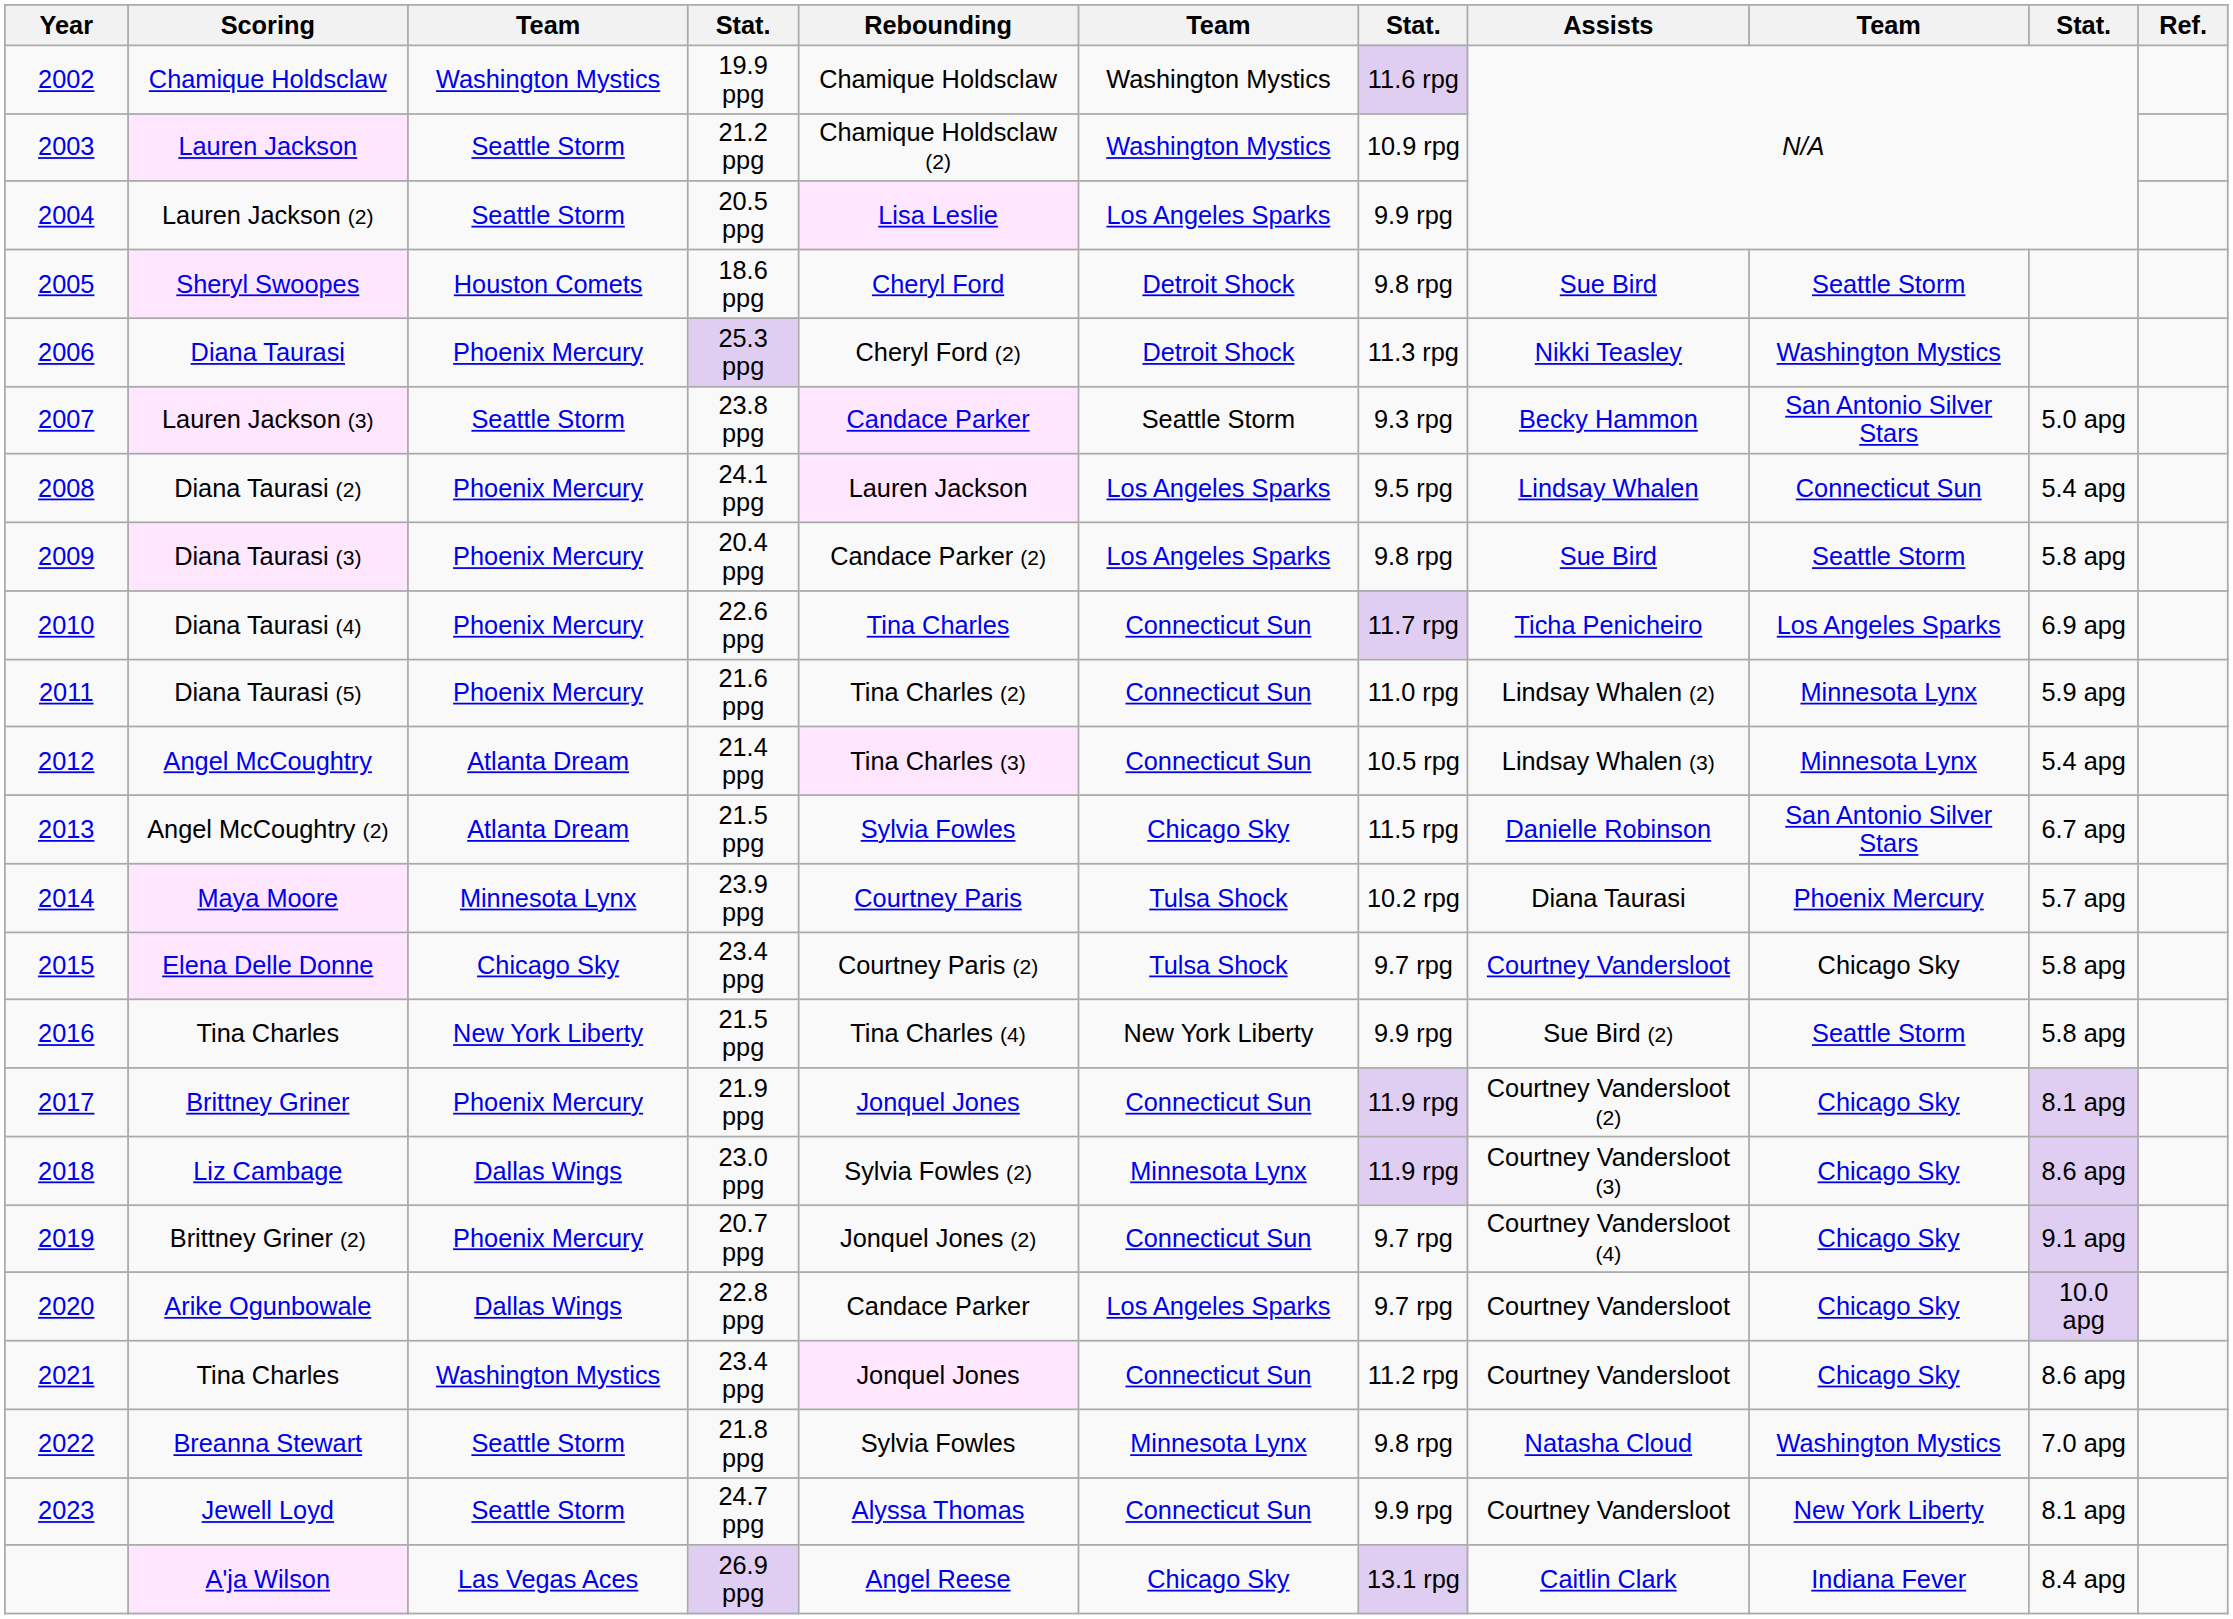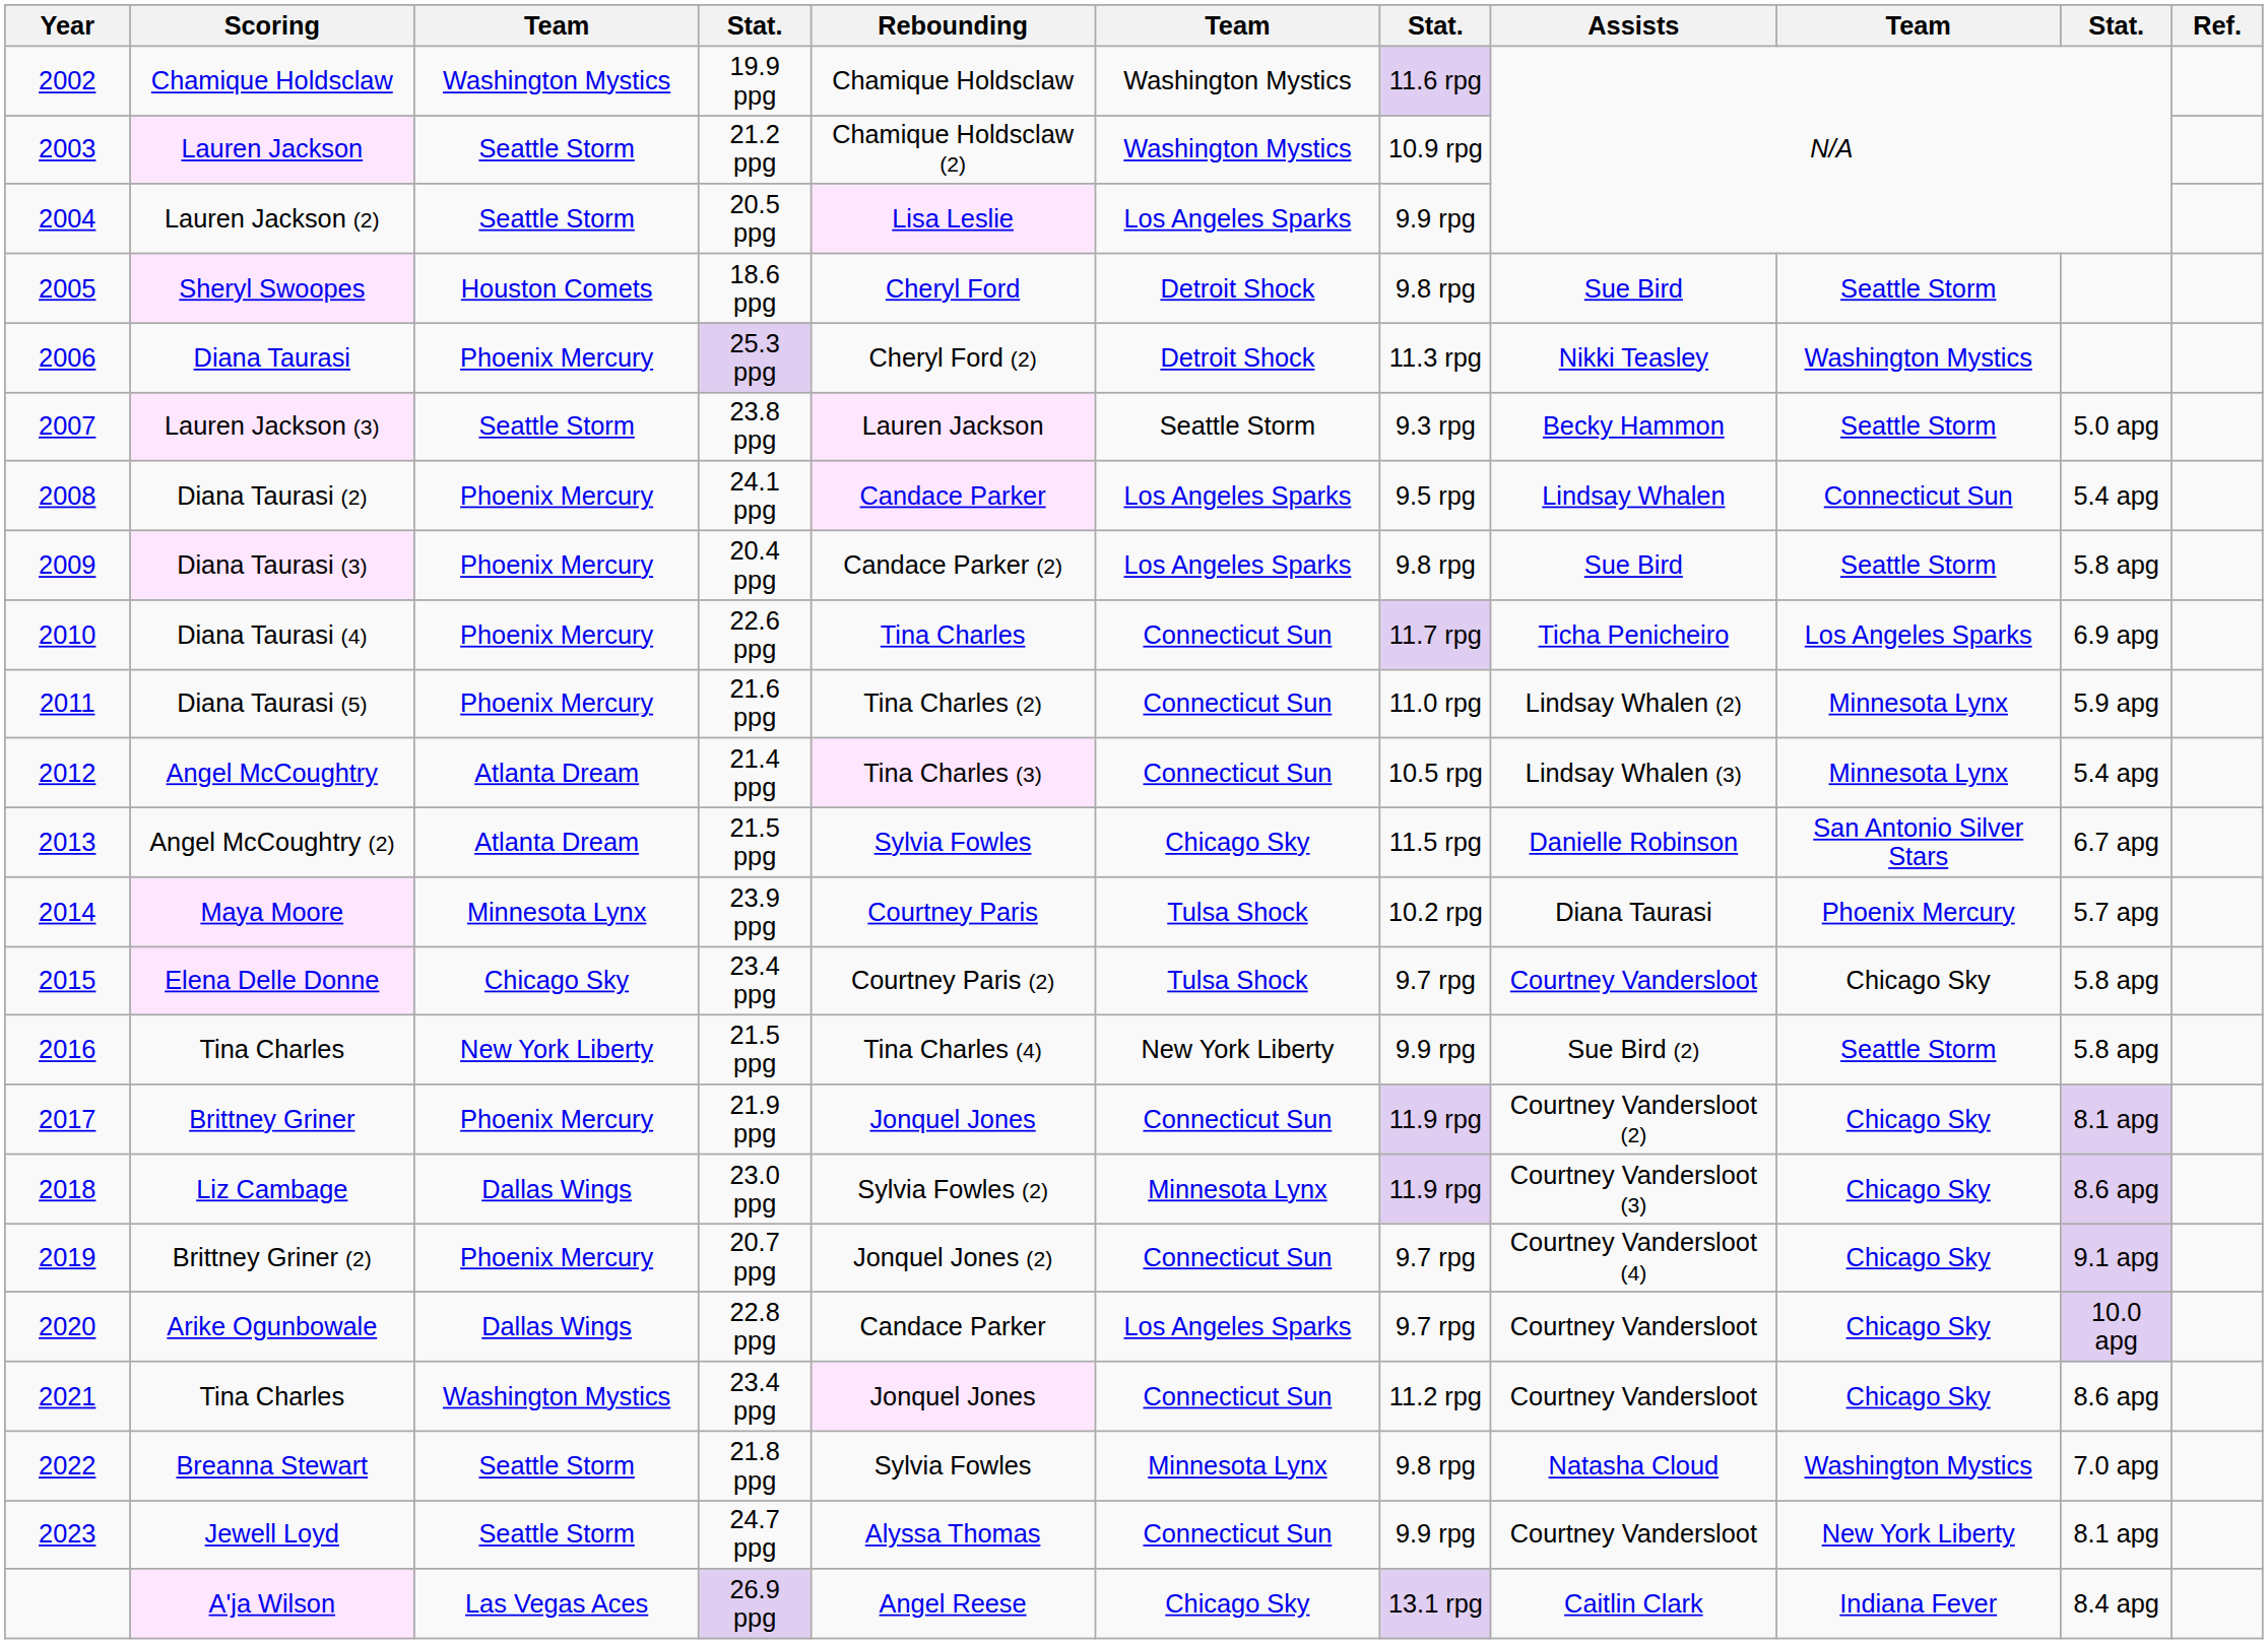 <table class="wikitable sortable" style="width: 100%; text-align:center; font-size:90%">
 <tr>
 <th width=40>Year</th>
 <th width=100>Scoring</th>
 <th width=100>Team</th>
 <th width=35>Stat.</th>
 <th width=100>Rebounding</th>
 <th width=100>Team</th>
 <th width=35>Stat.</th>
 <th width=100>Assists</th>
 <th width=100>Team</th>
 <th width=35>Stat.</th>
 <th width=20 class=unsortable>Ref.</th>
 </tr>
 <tr>
 <td><a href='#'>2002</a></td>
 <td><a href='#'>Chamique Holdsclaw</a></td>
 <td><a href='#'>Washington Mystics</a></td>
 <td>19.9 ppg</td>
 <td>Chamique Holdsclaw</td>
 <td>Washington Mystics</td>
 <td bgcolor="EOCEF2">11.6 rpg </td>
 <td colspan=3 rowspan=3><em>N/A</em></td>
 <td></td>
 </tr>
 <tr>
 <td><a href='#'>2003</a></td>
 <td style="background-color:#FFE6FF"><a href='#'>Lauren Jackson</a></td>
 <td><a href='#'>Seattle Storm</a></td>
 <td>21.2 ppg</td>
 <td>Chamique Holdsclaw <small>(2)</small></td>
 <td><a href='#'>Washington Mystics</a></td>
 <td>10.9 rpg</td>
 <td></td>
 </tr>
 <tr>
 <td><a href='#'>2004</a></td>
 <td>Lauren Jackson <small>(2)</small></td>
 <td><a href='#'>Seattle Storm</a></td>
 <td>20.5 ppg</td>
 <td style="background-color:#FFE6FF"><a href='#'>Lisa Leslie</a></td>
 <td><a href='#'>Los Angeles Sparks</a></td>
 <td>9.9 rpg</td>
 <td></td>
 </tr>
 <tr>
 <td><a href='#'>2005</a></td>
 <td style="background-color:#FFE6FF"><a href='#'>Sheryl Swoopes</a></td>
 <td><a href='#'>Houston Comets</a></td>
 <td>18.6 ppg</td>
 <td><a href='#'>Cheryl Ford</a></td>
 <td><a href='#'>Detroit Shock</a></td>
 <td>9.8 rpg</td>
 <td><a href='#'>Sue Bird</a></td>
 <td><a href='#'>Seattle Storm</a></td>
 <td></td>
 <td></td>
 </tr>
 <tr>
 <td><a href='#'>2006</a></td>
 <td><a href='#'>Diana Taurasi</a></td>
 <td><a href='#'>Phoenix Mercury</a></td>
 <td bgcolor="EOCEF2">25.3 ppg </td>
 <td>Cheryl Ford <small>(2)</small></td>
 <td><a href='#'>Detroit Shock</a></td>
 <td>11.3 rpg</td>
 <td><a href='#'>Nikki Teasley</a></td>
 <td><a href='#'>Washington Mystics</a></td>
 <td></td>
 <td></td>
 </tr>
 <tr>
 <td><a href='#'>2007</a></td>
 <td style="background-color:#FFE6FF">Lauren Jackson <small>(3)</small></td>
 <td><a href='#'>Seattle Storm</a></td>
 <td>23.8 ppg</td>
-<td style="background-color:#FFE6FF"><a href='#'>Candace Parker</a></td>
+<td style="background-color:#FFE6FF">Lauren Jackson</td>
 <td>Seattle Storm</td>
 <td>9.3 rpg</td>
 <td><a href='#'>Becky Hammon</a></td>
-<td><a href='#'>San Antonio Silver Stars</a></td>
+<td><a href='#'>Seattle Storm</a></td>
 <td>5.0 apg</td>
 <td></td>
 </tr>
 <tr>
 <td><a href='#'>2008</a></td>
 <td>Diana Taurasi <small>(2)</small></td>
 <td><a href='#'>Phoenix Mercury</a></td>
 <td>24.1 ppg</td>
-<td style="background-color:#FFE6FF">Lauren Jackson</td>
+<td style="background-color:#FFE6FF"><a href='#'>Candace Parker</a></td>
 <td><a href='#'>Los Angeles Sparks</a></td>
 <td>9.5 rpg</td>
 <td><a href='#'>Lindsay Whalen</a></td>
 <td><a href='#'>Connecticut Sun</a></td>
 <td>5.4 apg</td>
 <td></td>
 </tr>
 <tr>
 <td><a href='#'>2009</a></td>
 <td style="background-color:#FFE6FF">Diana Taurasi <small>(3)</small></td>
 <td><a href='#'>Phoenix Mercury</a></td>
 <td>20.4 ppg</td>
 <td>Candace Parker <small>(2)</small></td>
 <td><a href='#'>Los Angeles Sparks</a></td>
 <td>9.8 rpg</td>
 <td><a href='#'>Sue Bird</a></td>
 <td><a href='#'>Seattle Storm</a></td>
 <td>5.8 apg</td>
 <td></td>
 </tr>
 <tr>
 <td><a href='#'>2010</a></td>
 <td>Diana Taurasi <small>(4)</small></td>
 <td><a href='#'>Phoenix Mercury</a></td>
 <td>22.6 ppg</td>
 <td><a href='#'>Tina Charles</a></td>
 <td><a href='#'>Connecticut Sun</a></td>
 <td bgcolor="EOCEF2">11.7 rpg </td>
 <td><a href='#'>Ticha Penicheiro</a></td>
 <td><a href='#'>Los Angeles Sparks</a></td>
 <td>6.9 apg</td>
 <td></td>
 </tr>
 <tr>
 <td><a href='#'>2011</a></td>
 <td>Diana Taurasi <small>(5)</small></td>
 <td><a href='#'>Phoenix Mercury</a></td>
 <td>21.6 ppg</td>
 <td>Tina Charles <small>(2)</small></td>
 <td><a href='#'>Connecticut Sun</a></td>
 <td>11.0 rpg</td>
 <td>Lindsay Whalen <small>(2)</small></td>
 <td><a href='#'>Minnesota Lynx</a></td>
 <td>5.9 apg</td>
 <td></td>
 </tr>
 <tr>
 <td><a href='#'>2012</a></td>
 <td><a href='#'>Angel McCoughtry</a></td>
 <td><a href='#'>Atlanta Dream</a></td>
 <td>21.4 ppg</td>
 <td style="background-color:#FFE6FF">Tina Charles <small>(3)</small></td>
 <td><a href='#'>Connecticut Sun</a></td>
 <td>10.5 rpg</td>
 <td>Lindsay Whalen <small>(3)</small></td>
 <td><a href='#'>Minnesota Lynx</a></td>
 <td>5.4 apg</td>
 <td></td>
 </tr>
 <tr>
 <td><a href='#'>2013</a></td>
 <td>Angel McCoughtry <small>(2)</small></td>
 <td><a href='#'>Atlanta Dream</a></td>
 <td>21.5 ppg</td>
 <td><a href='#'>Sylvia Fowles</a></td>
 <td><a href='#'>Chicago Sky</a></td>
 <td>11.5 rpg</td>
 <td><a href='#'>Danielle Robinson</a></td>
 <td><a href='#'>San Antonio Silver Stars</a></td>
 <td>6.7 apg</td>
 <td></td>
 </tr>
 <tr>
 <td><a href='#'>2014</a></td>
 <td style="background-color:#FFE6FF"><a href='#'>Maya Moore</a></td>
 <td><a href='#'>Minnesota Lynx</a></td>
 <td>23.9 ppg</td>
 <td><a href='#'>Courtney Paris</a></td>
 <td><a href='#'>Tulsa Shock</a></td>
 <td>10.2 rpg</td>
 <td>Diana Taurasi</td>
 <td><a href='#'>Phoenix Mercury</a></td>
 <td>5.7 apg</td>
 <td></td>
 </tr>
 <tr>
 <td><a href='#'>2015</a></td>
 <td style="background-color:#FFE6FF"><a href='#'>Elena Delle Donne</a></td>
 <td><a href='#'>Chicago Sky</a></td>
 <td>23.4 ppg</td>
 <td>Courtney Paris <small>(2)</small></td>
 <td><a href='#'>Tulsa Shock</a></td>
 <td>9.7 rpg</td>
 <td><a href='#'>Courtney Vandersloot</a></td>
 <td>Chicago Sky</td>
 <td>5.8 apg</td>
 <td></td>
 </tr>
 <tr>
 <td><a href='#'>2016</a></td>
 <td>Tina Charles</td>
 <td><a href='#'>New York Liberty</a></td>
 <td>21.5 ppg</td>
 <td>Tina Charles <small>(4)</small></td>
 <td>New York Liberty</td>
 <td>9.9 rpg</td>
 <td>Sue Bird <small>(2)</small></td>
 <td><a href='#'>Seattle Storm</a></td>
 <td>5.8 apg</td>
 <td></td>
 </tr>
 <tr>
 <td><a href='#'>2017</a></td>
 <td><a href='#'>Brittney Griner</a></td>
 <td><a href='#'>Phoenix Mercury</a></td>
 <td>21.9 ppg</td>
 <td><a href='#'>Jonquel Jones</a></td>
 <td><a href='#'>Connecticut Sun</a></td>
 <td bgcolor="EOCEF2">11.9 rpg </td>
 <td>Courtney Vandersloot <small>(2)</small></td>
 <td><a href='#'>Chicago Sky</a></td>
 <td bgcolor="EOCEF2">8.1 apg </td>
 <td></td>
 </tr>
 <tr>
 <td><a href='#'>2018</a></td>
 <td><a href='#'>Liz Cambage</a></td>
 <td><a href='#'>Dallas Wings</a></td>
 <td>23.0 ppg</td>
 <td>Sylvia Fowles <small>(2)</small></td>
 <td><a href='#'>Minnesota Lynx</a></td>
 <td bgcolor="EOCEF2">11.9 rpg </td>
 <td>Courtney Vandersloot <small>(3)</small></td>
 <td><a href='#'>Chicago Sky</a></td>
 <td bgcolor="EOCEF2">8.6 apg </td>
 <td></td>
 </tr>
 <tr>
 <td><a href='#'>2019</a></td>
 <td>Brittney Griner <small>(2)</small></td>
 <td><a href='#'>Phoenix Mercury</a></td>
 <td>20.7 ppg</td>
 <td>Jonquel Jones <small>(2)</small></td>
 <td><a href='#'>Connecticut Sun</a></td>
 <td>9.7 rpg</td>
 <td>Courtney Vandersloot <small>(4)</small></td>
 <td><a href='#'>Chicago Sky</a></td>
 <td bgcolor="EOCEF2">9.1 apg </td>
 <td></td>
 </tr>
 <tr>
 <td><a href='#'>2020</a></td>
 <td><a href='#'>Arike Ogunbowale</a></td>
 <td><a href='#'>Dallas Wings</a></td>
 <td>22.8 ppg</td>
 <td>Candace Parker </td>
 <td><a href='#'>Los Angeles Sparks</a></td>
 <td>9.7 rpg</td>
 <td>Courtney Vandersloot </td>
 <td><a href='#'>Chicago Sky</a></td>
 <td bgcolor="EOCEF2">10.0 apg </td>
 <td></td>
 </tr>
 <tr>
 <td><a href='#'>2021</a></td>
 <td>Tina Charles </td>
 <td><a href='#'>Washington Mystics</a></td>
 <td>23.4 ppg</td>
 <td style="background-color:#FFE6FF">Jonquel Jones </td>
 <td><a href='#'>Connecticut Sun</a></td>
 <td>11.2 rpg</td>
 <td>Courtney Vandersloot </td>
 <td><a href='#'>Chicago Sky</a></td>
 <td>8.6 apg</td>
 <td></td>
 </tr>
 <tr>
 <td><a href='#'>2022</a></td>
 <td><a href='#'>Breanna Stewart</a></td>
 <td><a href='#'>Seattle Storm</a></td>
 <td>21.8 ppg</td>
 <td>Sylvia Fowles </td>
 <td><a href='#'>Minnesota Lynx</a></td>
 <td>9.8 rpg</td>
 <td><a href='#'>Natasha Cloud</a></td>
 <td><a href='#'>Washington Mystics</a></td>
 <td>7.0 apg</td>
 <td></td>
 </tr>
 <tr>
 <td><a href='#'>2023</a></td>
 <td><a href='#'>Jewell Loyd</a></td>
 <td><a href='#'>Seattle Storm</a></td>
 <td>24.7 ppg</td>
 <td><a href='#'>Alyssa Thomas</a></td>
 <td><a href='#'>Connecticut Sun</a></td>
 <td>9.9 rpg</td>
 <td>Courtney Vandersloot </td>
 <td><a href='#'>New York Liberty</a></td>
 <td>8.1 apg</td>
 <td></td>
 </tr>
 <tr>
 <td></td>
 <td style="background-color:#FFE6FF"><a href='#'>A'ja Wilson</a></td>
 <td><a href='#'>Las Vegas Aces</a></td>
 <td bgcolor="EOCEF2">26.9 ppg </td>
 <td><a href='#'>Angel Reese</a></td>
 <td><a href='#'>Chicago Sky</a></td>
 <td bgcolor="EOCEF2">13.1 rpg </td>
 <td><a href='#'>Caitlin Clark</a></td>
 <td><a href='#'>Indiana Fever</a></td>
 <td>8.4 apg</td>
 <td></td>
 </tr>
 </table>
